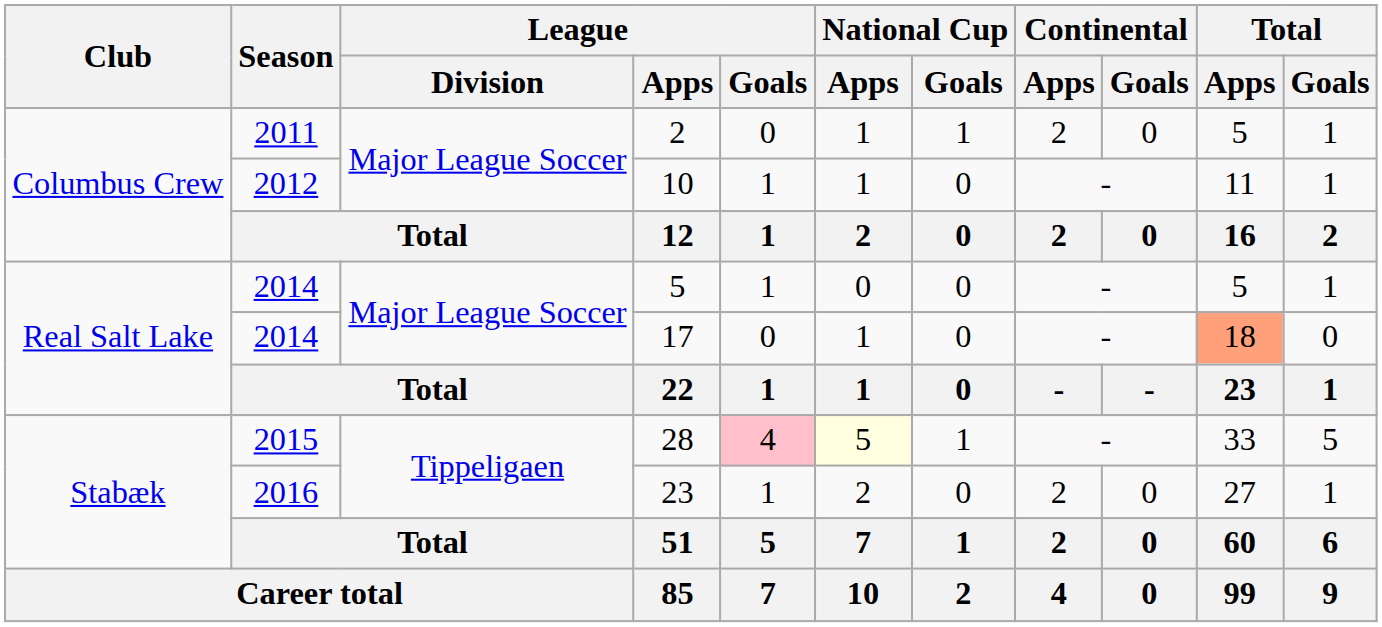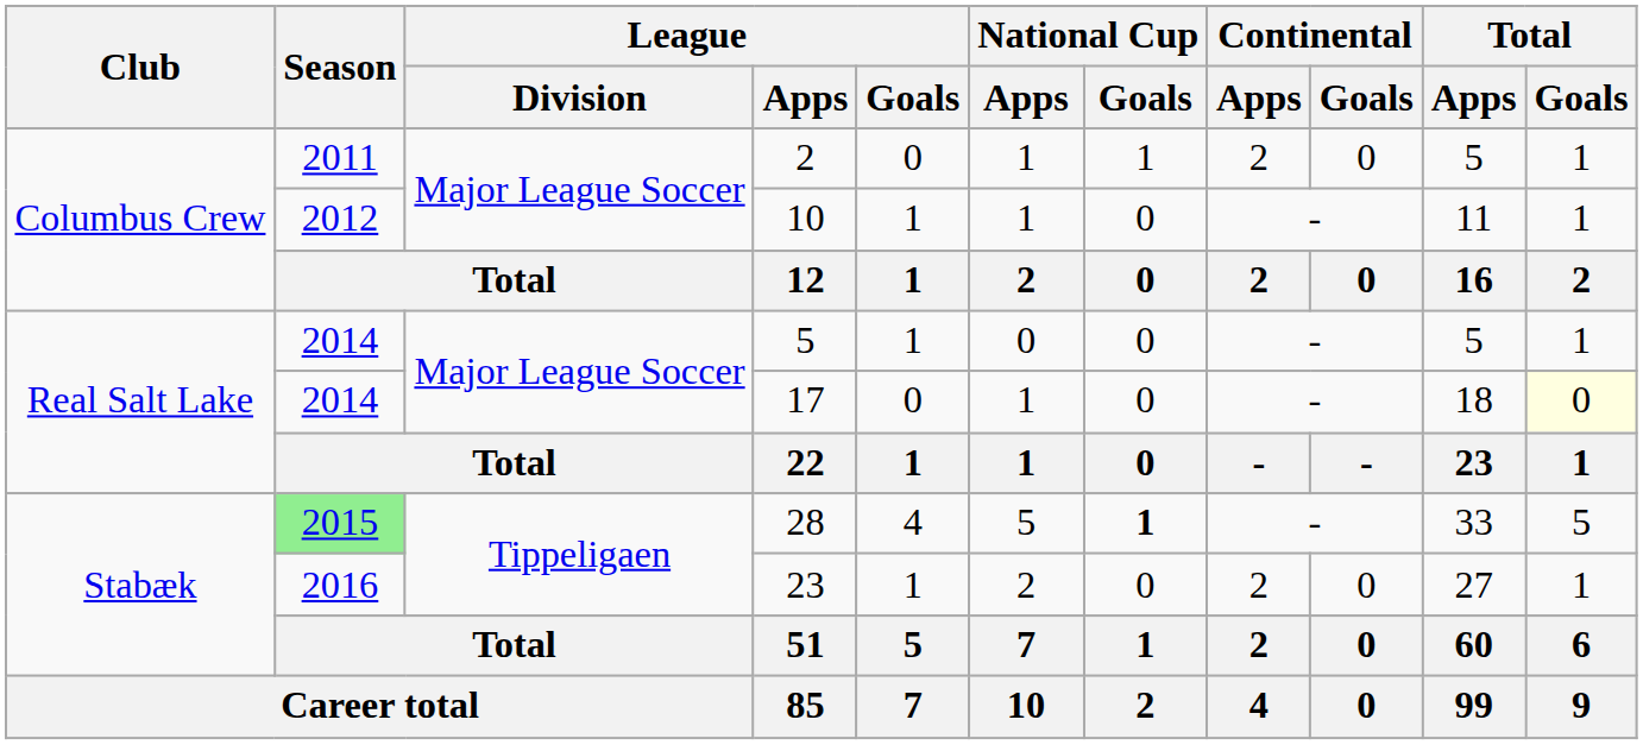 <table class="wikitable" style="text-align: center;">
 <tr>
 <th rowspan="2">Club</th>
 <th rowspan="2">Season</th>
 <th colspan="3">League</th>
 <th colspan="2">National Cup</th>
 <th colspan="2">Continental</th>
 <th colspan="2">Total</th>
 </tr>
 <tr>
 <th>Division</th>
 <th>Apps</th>
 <th>Goals</th>
 <th>Apps</th>
 <th>Goals</th>
 <th>Apps</th>
 <th>Goals</th>
 <th>Apps</th>
 <th>Goals</th>
 </tr>
 <tr>
 <td rowspan="3"><a href='#'>Columbus Crew</a></td>
 <td><a href='#'>2011</a></td>
 <td rowspan="2"><a href='#'>Major League Soccer</a></td>
 <td>2</td>
 <td>0</td>
 <td>1</td>
 <td>1</td>
 <td>2</td>
 <td>0</td>
 <td>5</td>
 <td>1</td>
 </tr>
 <tr>
 <td><a href='#'>2012</a></td>
 <td>10</td>
 <td>1</td>
 <td>1</td>
 <td>0</td>
 <td colspan="2">-</td>
 <td>11</td>
 <td>1</td>
 </tr>
 <tr>
 <th colspan="2">Total</th>
 <th>12</th>
 <th>1</th>
 <th>2</th>
 <th>0</th>
 <th>2</th>
 <th>0</th>
 <th>16</th>
 <th>2</th>
 </tr>
 <tr>
 <td rowspan="3"><a href='#'>Real Salt Lake</a></td>
 <td><a href='#'>2014</a></td>
 <td rowspan="2"><a href='#'>Major League Soccer</a></td>
 <td>5</td>
 <td>1</td>
 <td>0</td>
 <td>0</td>
 <td colspan="2">-</td>
 <td>5</td>
 <td>1</td>
 </tr>
 <tr>
 <td><a href='#'>2014</a></td>
 <td>17</td>
 <td>0</td>
 <td>1</td>
 <td>0</td>
 <td colspan="2">-</td>
-<td style="background: lightsalmon;">18</td>
-<td>0</td>
+<td>18</td>
+<td style="background: lightyellow;">0</td>
 </tr>
 <tr>
 <th colspan="2">Total</th>
 <th>22</th>
 <th>1</th>
 <th>1</th>
 <th>0</th>
 <th>-</th>
 <th>-</th>
 <th>23</th>
 <th>1</th>
 </tr>
 <tr>
 <td rowspan="3"><a href='#'>Stabæk</a></td>
-<td><a href='#'>2015</a></td>
+<td style="background: lightgreen;"><a href='#'>2015</a></td>
 <td rowspan="2"><a href='#'>Tippeligaen</a></td>
 <td>28</td>
-<td style="background: pink;">4</td>
-<td style="background: lightyellow;">5</td>
-<td>1</td>
+<td>4</td>
+<td>5</td>
+<td><strong>1</strong></td>
 <td colspan="2">-</td>
 <td>33</td>
 <td>5</td>
 </tr>
 <tr>
 <td><a href='#'>2016</a></td>
 <td>23</td>
 <td>1</td>
 <td>2</td>
 <td>0</td>
 <td>2</td>
 <td>0</td>
 <td>27</td>
 <td>1</td>
 </tr>
 <tr>
 <th colspan="2">Total</th>
 <th>51</th>
 <th>5</th>
 <th>7</th>
 <th>1</th>
 <th>2</th>
 <th>0</th>
 <th>60</th>
 <th>6</th>
 </tr>
 <tr>
 <th colspan="3">Career total</th>
 <th>85</th>
 <th>7</th>
 <th>10</th>
 <th>2</th>
 <th>4</th>
 <th>0</th>
 <th>99</th>
 <th>9</th>
 </tr>
 </table>
